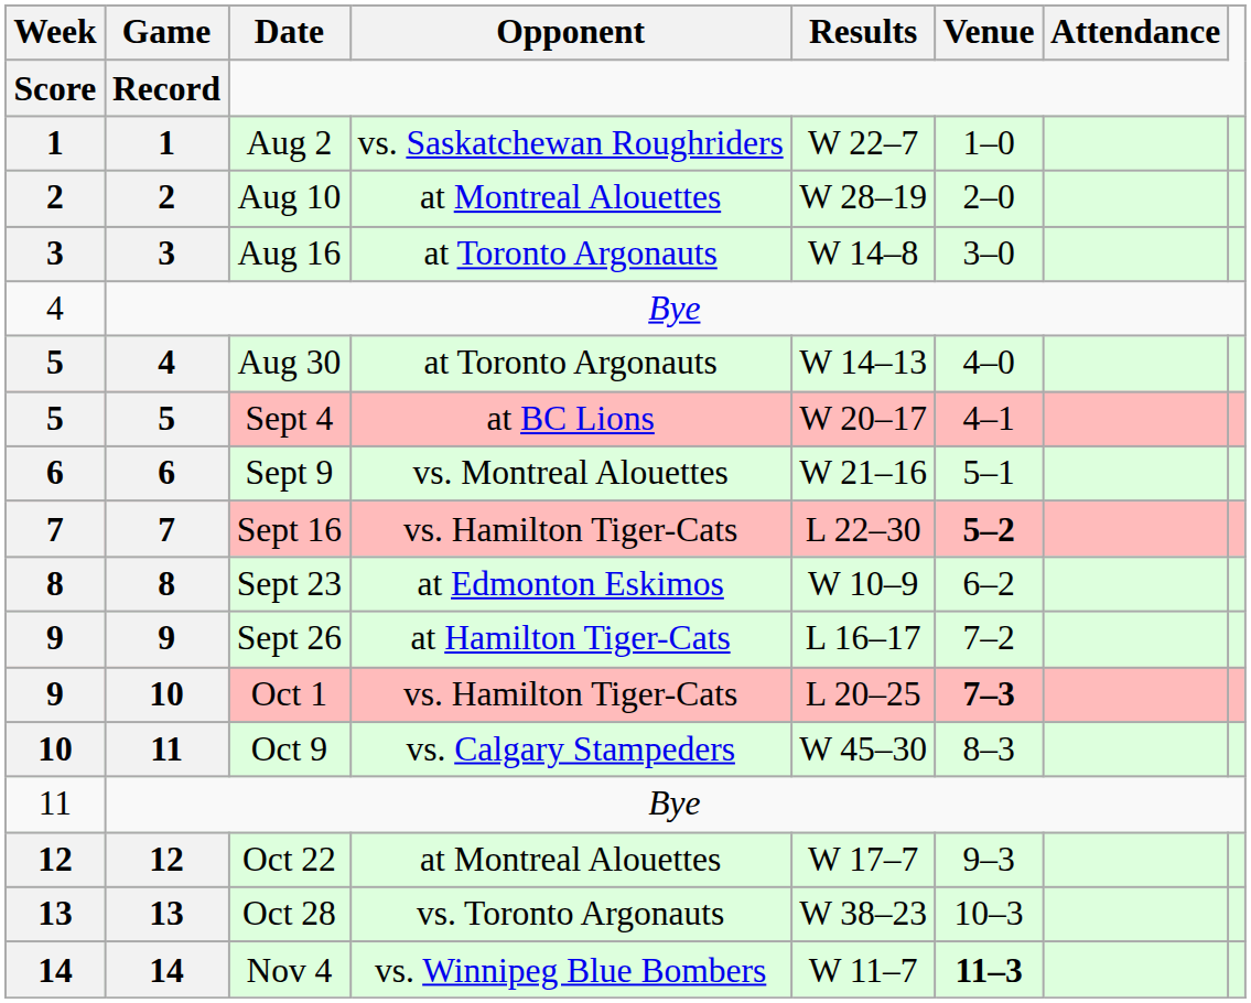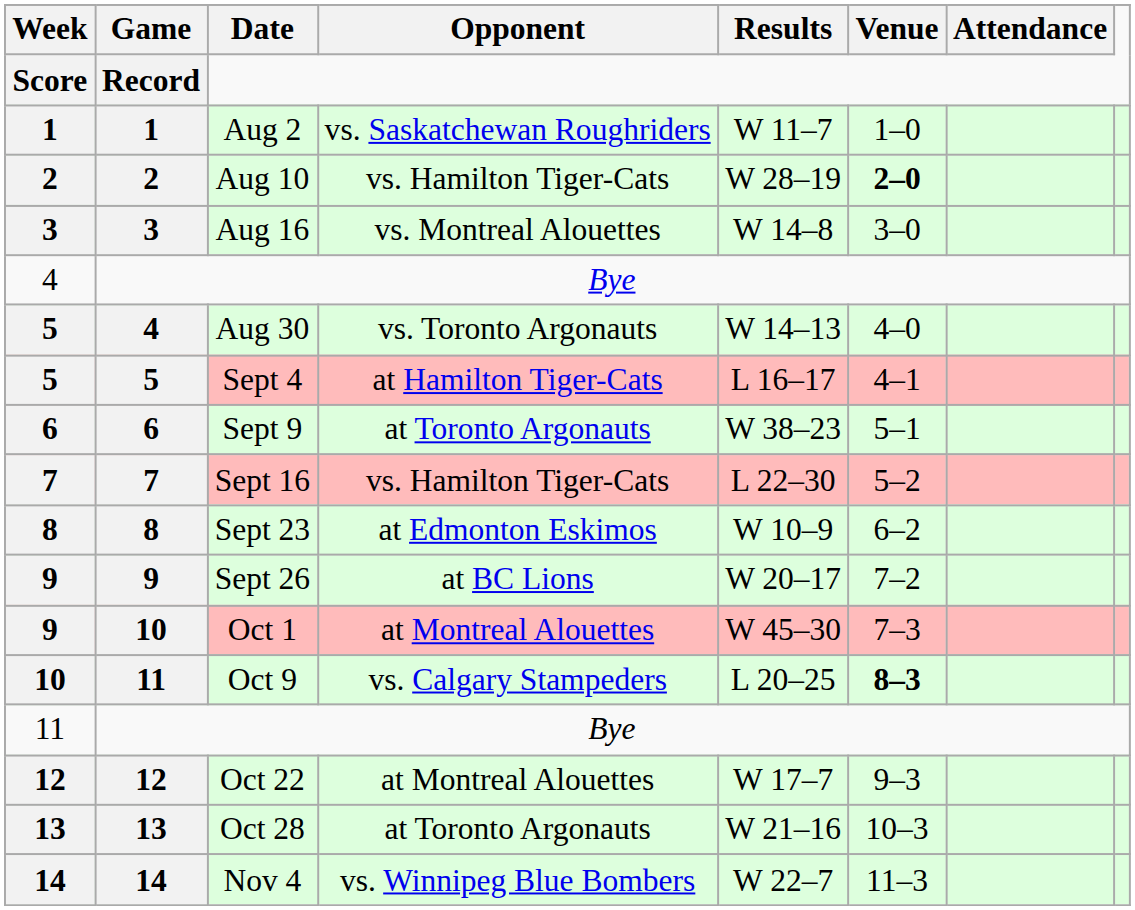 <table class="wikitable" style="text-align:center">
 <tr>
 <th>Week</th>
 <th>Game</th>
 <th>Date</th>
 <th>Opponent</th>
 <th>Results</th>
 <th>Venue</th>
 <th>Attendance</th>
 </tr>
 <tr>
 <th>Score</th>
 <th>Record</th>
 </tr>
 <tr style="background:#ddffdd">
 <th>1</th>
 <th>1</th>
 <td>Aug 2</td>
 <td>vs. <a href='#'>Saskatchewan Roughriders</a></td>
-<td>W 22–7</td>
+<td>W 11–7</td>
 <td>1–0</td>
 <td></td>
 <td></td>
 </tr>
 <tr style="background:#ddffdd">
 <th>2</th>
 <th>2</th>
 <td>Aug 10</td>
-<td>at <a href='#'>Montreal Alouettes</a></td>
+<td>vs. Hamilton Tiger-Cats</td>
 <td>W 28–19</td>
-<td>2–0</td>
+<td><strong>2–0</strong></td>
 <td></td>
 <td></td>
 </tr>
 <tr style="background:#ddffdd">
 <th>3</th>
 <th>3</th>
 <td>Aug 16</td>
-<td>at <a href='#'>Toronto Argonauts</a></td>
+<td>vs. Montreal Alouettes</td>
 <td>W 14–8</td>
 <td>3–0</td>
 <td></td>
 <td></td>
 </tr>
 <tr>
 <td>4</td>
 <td colspan="7"><em><a href='#'>Bye</a></em></td>
 </tr>
 <tr style="background:#ddffdd">
 <th>5</th>
 <th>4</th>
 <td>Aug 30</td>
-<td>at Toronto Argonauts</td>
+<td>vs. Toronto Argonauts</td>
 <td>W 14–13</td>
 <td>4–0</td>
 <td></td>
 <td></td>
 </tr>
 <tr style="background:#ffbbbb">
 <th>5</th>
 <th>5</th>
 <td>Sept 4</td>
-<td>at <a href='#'>BC Lions</a></td>
-<td>W 20–17</td>
+<td>at <a href='#'>Hamilton Tiger-Cats</a></td>
+<td>L 16–17</td>
 <td>4–1</td>
 <td></td>
 <td></td>
 </tr>
 <tr style="background:#ddffdd">
 <th>6</th>
 <th>6</th>
 <td>Sept 9</td>
-<td>vs. Montreal Alouettes</td>
-<td>W 21–16</td>
+<td>at <a href='#'>Toronto Argonauts</a></td>
+<td>W 38–23</td>
 <td>5–1</td>
 <td></td>
 <td></td>
 </tr>
 <tr style="background:#ffbbbb">
 <th>7</th>
 <th>7</th>
 <td>Sept 16</td>
 <td>vs. Hamilton Tiger-Cats</td>
 <td>L 22–30</td>
-<td><strong>5–2</strong></td>
+<td>5–2</td>
 <td></td>
 <td></td>
 </tr>
 <tr style="background:#ddffdd">
 <th>8</th>
 <th>8</th>
 <td>Sept 23</td>
 <td>at <a href='#'>Edmonton Eskimos</a></td>
 <td>W 10–9</td>
 <td>6–2</td>
 <td></td>
 <td></td>
 </tr>
 <tr style="background:#ddffdd">
 <th>9</th>
 <th>9</th>
 <td>Sept 26</td>
-<td>at <a href='#'>Hamilton Tiger-Cats</a></td>
-<td>L 16–17</td>
+<td>at <a href='#'>BC Lions</a></td>
+<td>W 20–17</td>
 <td>7–2</td>
 <td></td>
 <td></td>
 </tr>
 <tr style="background:#ffbbbb">
 <th>9</th>
 <th>10</th>
 <td>Oct 1</td>
-<td>vs. Hamilton Tiger-Cats</td>
-<td>L 20–25</td>
-<td><strong>7–3</strong></td>
+<td>at <a href='#'>Montreal Alouettes</a></td>
+<td>W 45–30</td>
+<td>7–3</td>
 <td></td>
 <td></td>
 </tr>
 <tr style="background:#ddffdd">
 <th>10</th>
 <th>11</th>
 <td>Oct 9</td>
 <td>vs. <a href='#'>Calgary Stampeders</a></td>
-<td>W 45–30</td>
-<td>8–3</td>
+<td>L 20–25</td>
+<td><strong>8–3</strong></td>
 <td></td>
 <td></td>
 </tr>
 <tr>
 <td>11</td>
 <td colspan="7"><em>Bye</em></td>
 </tr>
 <tr style="background:#ddffdd">
 <th>12</th>
 <th>12</th>
 <td>Oct 22</td>
 <td>at Montreal Alouettes</td>
 <td>W 17–7</td>
 <td>9–3</td>
 <td></td>
 <td></td>
 </tr>
 <tr style="background:#ddffdd">
 <th>13</th>
 <th>13</th>
 <td>Oct 28</td>
-<td>vs. Toronto Argonauts</td>
-<td>W 38–23</td>
+<td>at Toronto Argonauts</td>
+<td>W 21–16</td>
 <td>10–3</td>
 <td></td>
 <td></td>
 </tr>
 <tr style="background:#ddffdd">
 <th>14</th>
 <th>14</th>
 <td>Nov 4</td>
 <td>vs. <a href='#'>Winnipeg Blue Bombers</a></td>
-<td>W 11–7</td>
-<td><strong>11–3</strong></td>
+<td>W 22–7</td>
+<td>11–3</td>
 <td></td>
 <td></td>
 </tr>
 </table>
